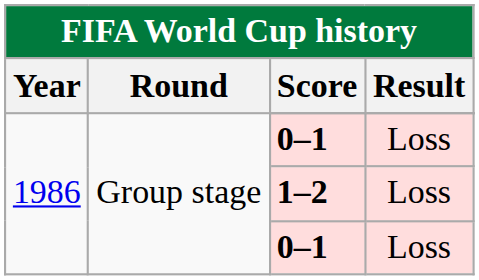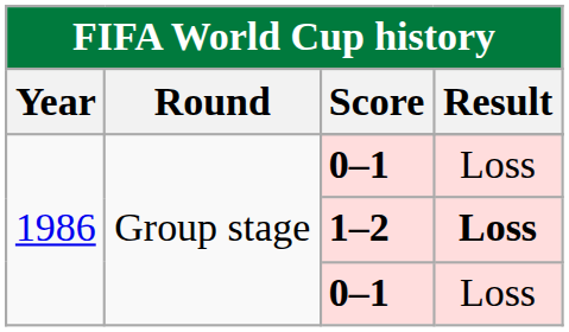 <table class="wikitable sortable mw-collapsible mw-collapsed"  style="text-align:center;">
 <tr>
 <th colspan=4 style="background: #007A3D; color: #FFFFFF;">FIFA World Cup history</th>
 </tr>
 <tr>
 <th>Year</th>
 <th>Round</th>
 <th>Score</th>
 <th>Result</th>
 </tr>
 <tr>
 <td rowspan=4><a href='#'>1986</a></td>
 <td rowspan=4>Group stage</td>
 </tr>
 <tr bgcolor=#ffdddd>
 <td align="left"> <strong>0–1</strong> </td>
 <td>Loss</td>
 </tr>
 <tr bgcolor=#ffdddd>
 <td align="left"> <strong>1–2</strong> </td>
-<td>Loss</td>
+<td><strong>Loss</strong></td>
 </tr>
 <tr bgcolor=#ffdddd>
 <td align="left"> <strong>0–1</strong> </td>
 <td>Loss</td>
 </tr>
 </table>
